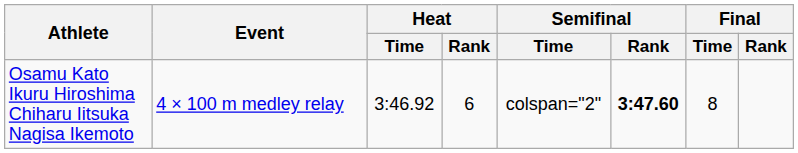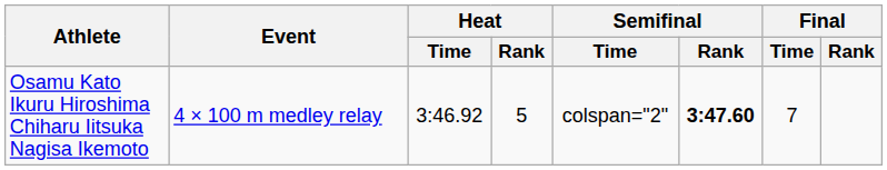 <table class="wikitable" style="text-align:center; font-size:90%; width:50%;">
 <tr>
 <th rowspan="2">Athlete</th>
 <th rowspan="2">Event</th>
 <th colspan="2">Heat</th>
 <th colspan="2">Semifinal</th>
 <th colspan="2">Final</th>
 </tr>
 <tr style="font-size:95%">
 <th>Time</th>
 <th>Rank</th>
 <th>Time</th>
 <th>Rank</th>
 <th>Time</th>
 <th>Rank</th>
 </tr>
 <tr>
 <td align=left><a href='#'>Osamu Kato</a> <br><a href='#'>Ikuru Hiroshima</a> <br><a href='#'>Chiharu Iitsuka</a> <br><a href='#'>Nagisa Ikemoto</a></td>
 <td align=left><a href='#'>4 × 100 m medley relay</a></td>
 <td>3:46.92</td>
-<td>6</td>
+<td>5</td>
 <td>colspan="2" </td>
 <td><strong>3:47.60</strong></td>
-<td>8</td>
+<td>7</td>
 </tr>
 </table>
